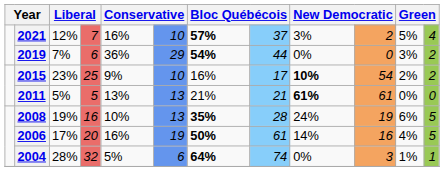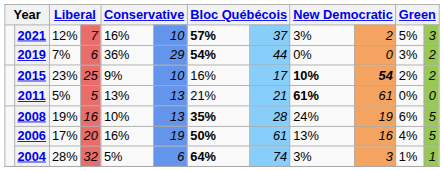 <table class="wikitable" style="width:400; font-size:90%; margin-left:1em;">
 <tr>
 <th colspan="2" scope="col">Year</th>
 <th colspan="2" scope="col"><a href='#'>Liberal</a></th>
 <th colspan="2" scope="col"><a href='#'>Conservative</a></th>
 <th colspan="2" scope="col"><a href='#'>Bloc Québécois</a></th>
 <th colspan="2" scope="col"><a href='#'>New Democratic</a></th>
 <th colspan="2" scope="col"><a href='#'>Green</a></th>
 </tr>
 <tr>
 <td rowspan="2" style="width: 0.25em; background-color: "></td>
 <th><a href='#'>2021</a></th>
 <td>12%</td>
 <td style="text-align:right; background:#EA6D6A;"><em>7</em></td>
 <td>16%</td>
 <td style="text-align:right; background:#6495ED;"><em>10</em></td>
 <td><strong>57%</strong></td>
 <td style="text-align:right; background:#87CEFA;"><em>37</em></td>
 <td>3%</td>
 <td style="text-align:right; background:#F4A460;"><em>2</em></td>
 <td>5%</td>
-<td style="text-align:right; background:#99C955;"><em>4</em></td>
+<td style="text-align:right; background:#99C955;"><em>3</em></td>
 </tr>
 <tr>
 <th><a href='#'>2019</a></th>
 <td>7%</td>
 <td style="text-align:right; background:#EA6D6A;"><em>6</em></td>
 <td>36%</td>
 <td style="text-align:right; background:#6495ED;"><em>29</em></td>
 <td><strong>54%</strong></td>
 <td style="text-align:right; background:#87CEFA;"><em>44</em></td>
 <td>0%</td>
 <td style="text-align:right; background:#F4A460;"><em>0</em></td>
 <td>3%</td>
 <td style="text-align:right; background:#99C955;"><em>2</em></td>
 </tr>
 <tr>
 <td rowspan="2" style="width: 0.25em; background-color: "></td>
 <th><a href='#'>2015</a></th>
 <td>23%</td>
 <td style="text-align:right; background:#EA6D6A;"><em>25</em></td>
 <td>9%</td>
 <td style="text-align:right; background:#6495ED;"><em>10</em></td>
 <td>16%</td>
 <td style="text-align:right; background:#87CEFA;"><em>17</em></td>
 <td><strong>10%</strong></td>
-<td style="text-align:right; background:#F4A460;"><em>54</em></td>
+<td style="text-align:right; background:#F4A460;"><strong><em>54</em></strong></td>
 <td>2%</td>
 <td style="text-align:right; background:#99C955;"><em>2</em></td>
 </tr>
 <tr>
 <th><a href='#'>2011</a></th>
 <td>5%</td>
 <td style="text-align:right; background:#EA6D6A;"><em>5</em></td>
 <td>13%</td>
 <td style="text-align:right; background:#6495ED;"><em>13</em></td>
 <td>21%</td>
 <td style="text-align:right; background:#87CEFA;"><em>21</em></td>
 <td><strong>61%</strong></td>
 <td style="text-align:right; background:#F4A460;"><em>61</em></td>
 <td>0%</td>
 <td style="text-align:right; background:#99C955;"><em>0</em></td>
 </tr>
 <tr>
 <td rowspan="3" style="width: 0.25em; background-color: "></td>
 <th><a href='#'>2008</a></th>
 <td>19%</td>
 <td style="text-align:right; background:#EA6D6A;"><em>16</em></td>
 <td>10%</td>
 <td style="text-align:right; background:#6495ED;"><em>13</em></td>
 <td><strong>35%</strong></td>
 <td style="text-align:right; background:#87CEFA;"><em>28</em></td>
 <td>24%</td>
 <td style="text-align:right; background:#F4A460;"><em>19</em></td>
 <td>6%</td>
 <td style="text-align:right; background:#99C955;"><em>5</em></td>
 </tr>
 <tr>
 <th><a href='#'>2006</a></th>
 <td>17%</td>
 <td style="text-align:right; background:#EA6D6A;"><em>20</em></td>
 <td>16%</td>
 <td style="text-align:right; background:#6495ED;"><em>19</em></td>
 <td><strong>50%</strong></td>
 <td style="text-align:right; background:#87CEFA;"><em>61</em></td>
-<td>14%</td>
+<td>13%</td>
 <td style="text-align:right; background:#F4A460;"><em>16</em></td>
 <td>4%</td>
 <td style="text-align:right; background:#99C955;"><em>5</em></td>
 </tr>
 <tr>
 <th><a href='#'>2004</a></th>
 <td>28%</td>
 <td style="text-align:right; background:#EA6D6A;"><em>32</em></td>
 <td>5%</td>
 <td style="text-align:right; background:#6495ED;"><em>6</em></td>
 <td><strong>64%</strong></td>
 <td style="text-align:right; background:#87CEFA;"><em>74</em></td>
-<td>0%</td>
+<td>3%</td>
 <td style="text-align:right; background:#F4A460;"><em>3</em></td>
 <td>1%</td>
 <td style="text-align:right; background:#99C955;"><em>1</em></td>
 </tr>
 <tr>
 </tr>
 </table>
